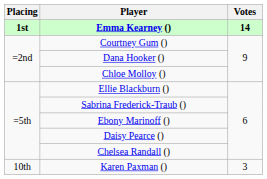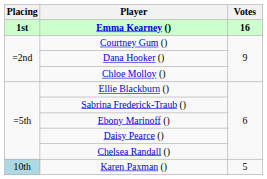 <table class="wikitable" style="margin:1em auto; text-align:center;">
 <tr>
 <th style="width:50px">Placing</th>
 <th style="width:300px">Player</th>
 <th style="width:50px">Votes</th>
 </tr>
 <tr style="background:#cfc">
 <td><strong>1st</strong></td>
 <td><strong><a href='#'>Emma Kearney</a> ()</strong></td>
-<td><strong>14</strong></td>
+<td><strong>16</strong></td>
 </tr>
 <tr>
 <td rowspan="3">=2nd</td>
 <td><a href='#'>Courtney Gum</a> ()</td>
 <td rowspan="3">9</td>
 </tr>
 <tr>
 <td><a href='#'>Dana Hooker</a> ()</td>
 </tr>
 <tr>
 <td><a href='#'>Chloe Molloy</a> ()</td>
 </tr>
 <tr>
 <td rowspan="5">=5th</td>
 <td><a href='#'>Ellie Blackburn</a> ()</td>
 <td rowspan="5">6</td>
 </tr>
 <tr>
 <td><a href='#'>Sabrina Frederick-Traub</a> ()</td>
 </tr>
 <tr>
 <td><a href='#'>Ebony Marinoff</a> ()</td>
 </tr>
 <tr>
 <td><a href='#'>Daisy Pearce</a> ()</td>
 </tr>
 <tr>
 <td><a href='#'>Chelsea Randall</a> ()</td>
 </tr>
 <tr>
-<td>10th</td>
+<td style="background: lightblue;">10th</td>
 <td><a href='#'>Karen Paxman</a> ()</td>
-<td>3</td>
+<td>5</td>
 </tr>
 </table>
